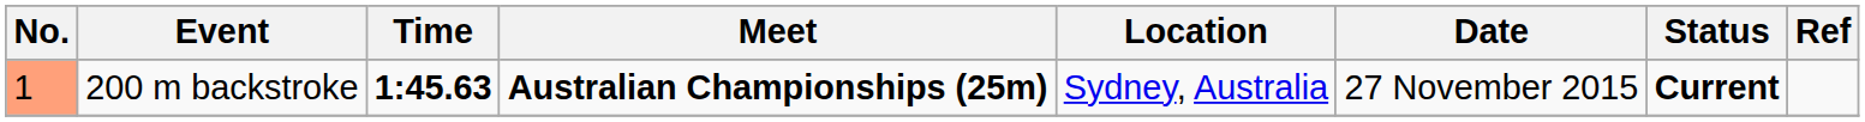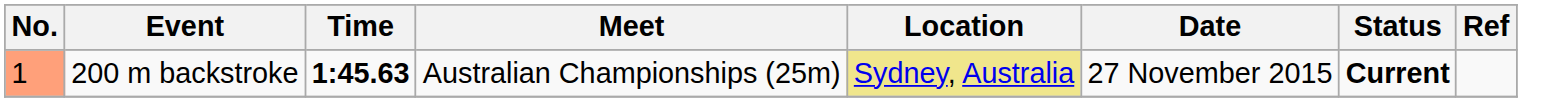 <table class="wikitable sortable">
 <tr>
 <th>No.</th>
 <th>Event</th>
 <th>Time</th>
 <th>Meet</th>
 <th>Location</th>
 <th>Date</th>
 <th>Status</th>
 <th>Ref</th>
 </tr>
 <tr>
 <td style="background: lightsalmon;">1</td>
 <td>200 m backstroke</td>
 <td align="center"><strong>1:45.63</strong></td>
-<td><strong>Australian Championships (25m)</strong></td>
-<td><a href='#'>Sydney</a>, <a href='#'>Australia</a></td>
+<td>Australian Championships (25m)</td>
+<td style="background: khaki;"><a href='#'>Sydney</a>, <a href='#'>Australia</a></td>
 <td align="center">27 November 2015</td>
 <td align="center"><strong>Current</strong></td>
 <td align="center"></td>
 </tr>
 <tr>
 </tr>
 </table>
